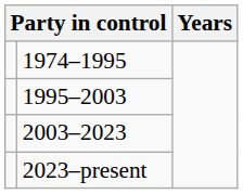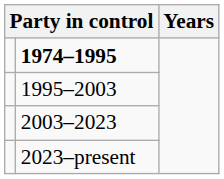 <table class="wikitable">
 <tr>
 <th colspan="2">Party in control</th>
 <th>Years</th>
 </tr>
 <tr>
 <td></td>
-<td>1974–1995</td>
+<td><strong>1974–1995</strong></td>
 </tr>
 <tr>
 <td></td>
 <td>1995–2003</td>
 </tr>
 <tr>
 <td></td>
 <td>2003–2023</td>
 </tr>
 <tr>
 <td></td>
 <td>2023–present</td>
 </tr>
 </table>
